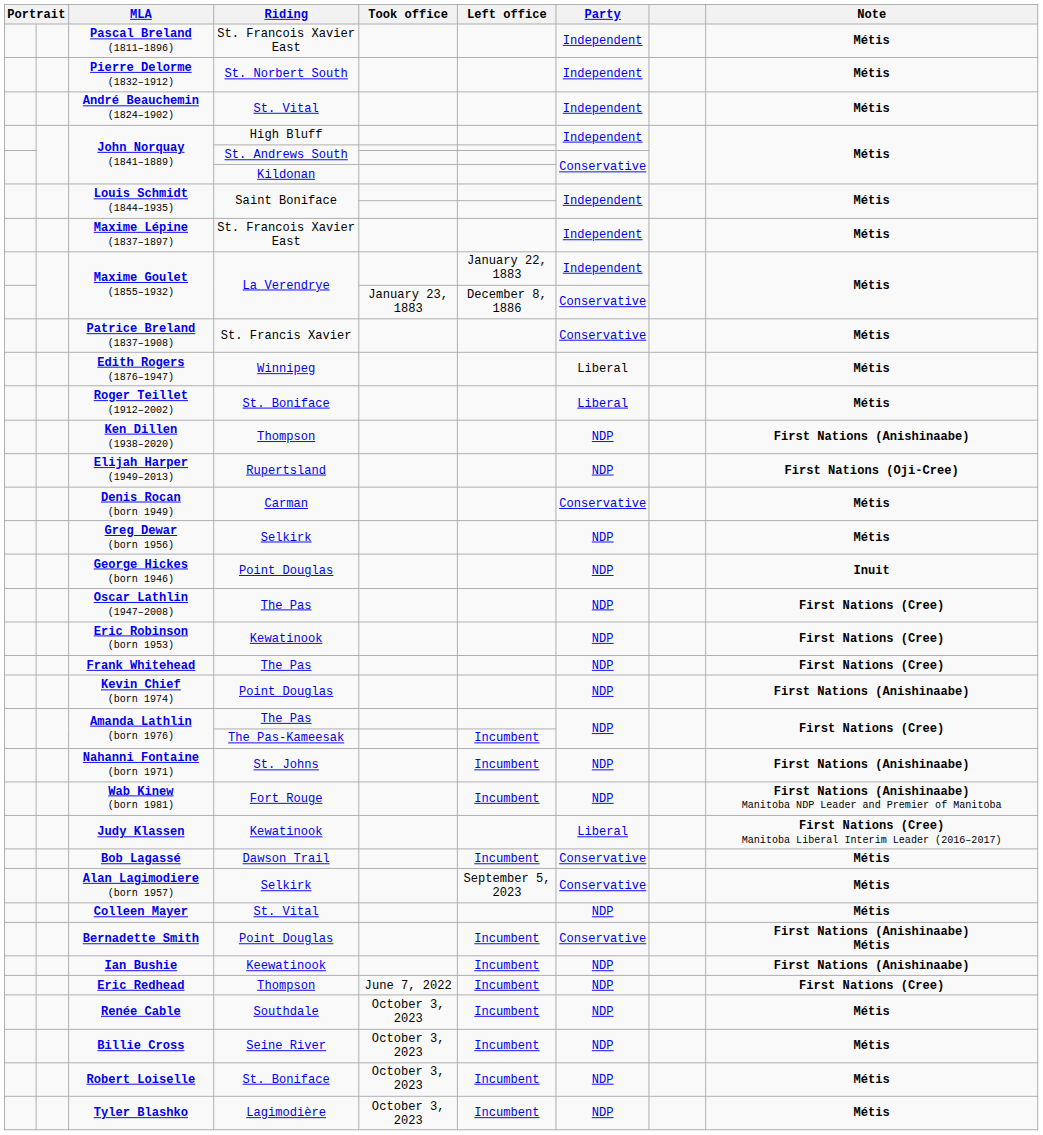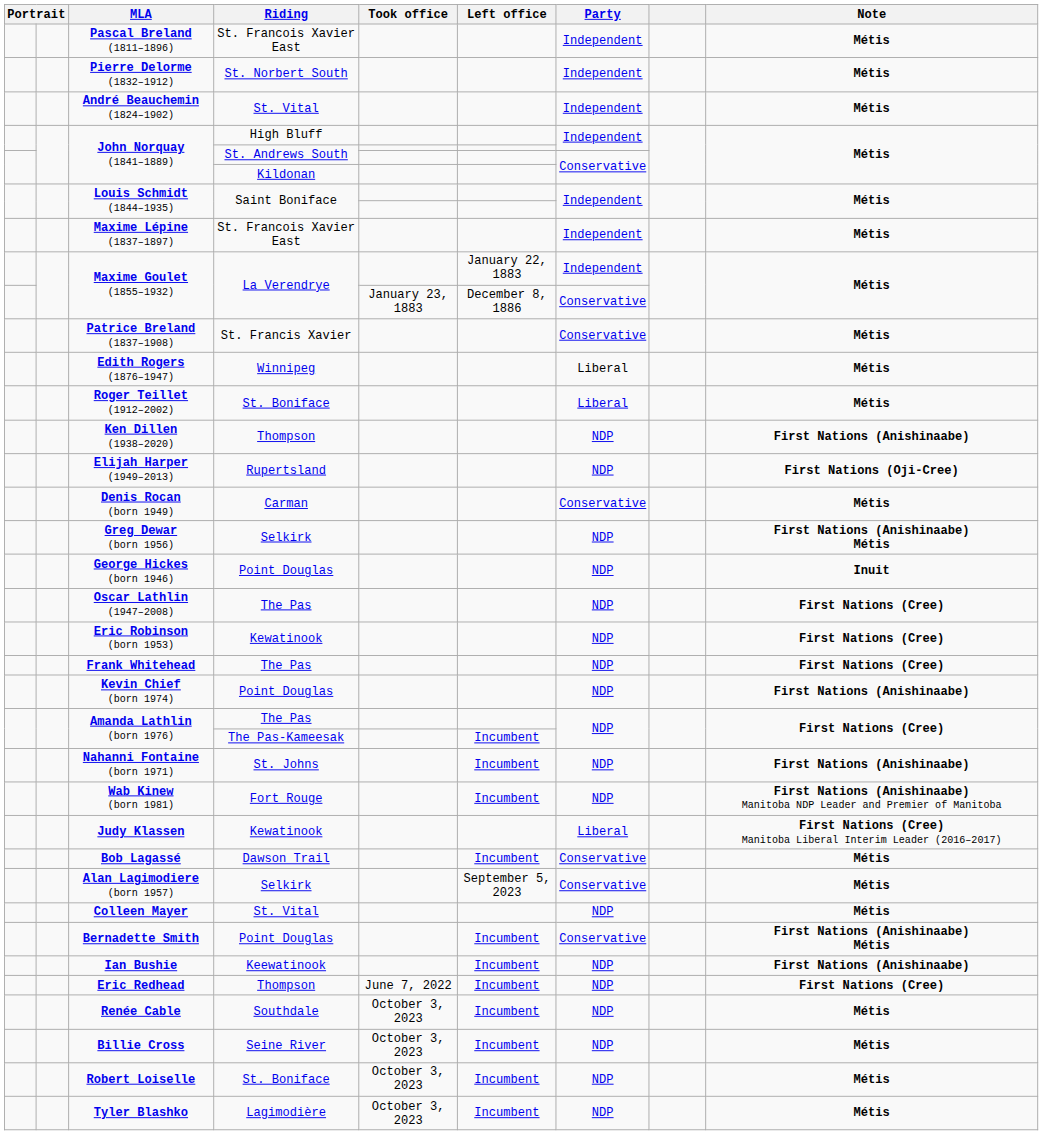 <table class="wikitable sortable plainrowheaders" style="text-align: center;">
 <tr>
 <th colspan="2" class=unsortable>Portrait</th>
 <th class="unsortable" style="width:150px;"><a href='#'>MLA</a></th>
 <th scope="col" style="width:150px;"><a href='#'>Riding</a></th>
 <th scope="col" style="width:100px;">Took office</th>
 <th scope="col" style="width:100px;">Left office</th>
 <th scope="col" style="width:70px;"><a href='#'>Party</a></th>
 <th scope="col" class="unsortable" style="width:55px;"></th>
 <th scope="col" class="unsortable" style="width:350px;">Note</th>
 </tr>
 <tr>
 <td rowspan="1" style="background:"></td>
 <td></td>
 <td><strong><a href='#'>Pascal Breland</a></strong><br><small>(1811–1896)</small></td>
 <td>St. Francois Xavier East</td>
 <td></td>
 <td></td>
 <td><a href='#'>Independent</a></td>
 <td></td>
 <td><strong>Métis</strong></td>
 </tr>
 <tr>
 <td rowspan="1" style="background:"></td>
 <td></td>
 <td><strong><a href='#'>Pierre Delorme</a></strong><br><small>(1832–1912)</small></td>
 <td><a href='#'>St. Norbert South</a></td>
 <td></td>
 <td></td>
 <td><a href='#'>Independent</a></td>
 <td></td>
 <td><strong>Métis</strong></td>
 </tr>
 <tr>
 <td rowspan="1" style="background:"></td>
 <td></td>
 <td><strong><a href='#'>André Beauchemin</a></strong><br><small>(1824–1902)</small></td>
 <td><a href='#'>St. Vital</a></td>
 <td></td>
 <td></td>
 <td><a href='#'>Independent</a></td>
 <td></td>
 <td><strong>Métis</strong></td>
 </tr>
 <tr>
 <td rowspan="2" style="background:"></td>
 <td rowspan="4"></td>
 <td rowspan="4"><strong><a href='#'>John Norquay</a></strong><br><small>(1841–1889)</small></td>
 <td>High Bluff</td>
 <td></td>
 <td></td>
 <td rowspan="2"><a href='#'>Independent</a></td>
 <td rowspan="4"></td>
 <td rowspan="4"><strong>Métis</strong></td>
 </tr>
 <tr>
 <td rowspan="2"><a href='#'>St. Andrews South</a></td>
 <td></td>
 <td></td>
 </tr>
 <tr>
 <td rowspan="2" style="background:"></td>
 <td></td>
 <td></td>
 <td rowspan="2"><a href='#'>Conservative</a></td>
 </tr>
 <tr>
 <td><a href='#'>Kildonan</a></td>
 <td></td>
 <td></td>
 </tr>
 <tr>
 <td rowspan="2" style="background:"></td>
 <td rowspan="2"></td>
 <td rowspan="2"><strong><a href='#'>Louis Schmidt</a></strong><br><small>(1844–1935)</small></td>
 <td rowspan="2">Saint Boniface</td>
 <td></td>
 <td></td>
 <td rowspan="2"><a href='#'>Independent</a></td>
 <td rowspan="2"></td>
 <td rowspan="2"><strong>Métis</strong></td>
 </tr>
 <tr>
 <td></td>
 <td></td>
 </tr>
 <tr>
 <td rowspan="1" style="background:"></td>
 <td></td>
 <td><strong><a href='#'>Maxime Lépine</a></strong><br><small>(1837–1897)</small></td>
 <td>St. Francois Xavier East</td>
 <td></td>
 <td></td>
 <td><a href='#'>Independent</a></td>
 <td></td>
 <td><strong>Métis</strong></td>
 </tr>
 <tr>
 <td rowspan="1" style="background:"></td>
 <td rowspan="2"></td>
 <td rowspan="2"><strong><a href='#'>Maxime Goulet</a></strong><br><small>(1855–1932)</small></td>
 <td rowspan="2"><a href='#'>La Verendrye</a></td>
 <td></td>
 <td>January 22, 1883</td>
 <td><a href='#'>Independent</a></td>
 <td rowspan="2"></td>
 <td rowspan="2"><strong>Métis</strong></td>
 </tr>
 <tr>
 <td rowspan="1" style="background:"></td>
 <td>January 23, 1883</td>
 <td>December 8, 1886</td>
 <td><a href='#'>Conservative</a></td>
 </tr>
 <tr>
 <td rowspan="1" style="background:"></td>
 <td></td>
 <td><strong><a href='#'>Patrice Breland</a></strong><br><small>(1837–1908)</small></td>
 <td>St. Francis Xavier</td>
 <td></td>
 <td></td>
 <td><a href='#'>Conservative</a></td>
 <td></td>
 <td><strong>Métis</strong></td>
 </tr>
 <tr>
 <td rowspan="1" style="background:"></td>
 <td></td>
 <td><strong><a href='#'>Edith Rogers</a></strong><br><small>(1876–1947)</small></td>
 <td><a href='#'>Winnipeg</a></td>
 <td></td>
 <td></td>
 <td>Liberal</td>
 <td></td>
 <td><strong>Métis</strong></td>
 </tr>
 <tr>
 <td rowspan="1" style="background:"></td>
 <td></td>
 <td><strong><a href='#'>Roger Teillet</a></strong><br><small>(1912–2002)</small></td>
 <td><a href='#'>St. Boniface</a></td>
 <td></td>
 <td></td>
 <td><a href='#'>Liberal</a></td>
 <td></td>
 <td><strong>Métis</strong></td>
 </tr>
 <tr>
 <td rowspan="1" style="background:"></td>
 <td></td>
 <td><strong><a href='#'>Ken Dillen</a></strong><br><small>(1938–2020)</small></td>
 <td><a href='#'>Thompson</a></td>
 <td></td>
 <td></td>
 <td><a href='#'>NDP</a></td>
 <td></td>
 <td><strong>First Nations (Anishinaabe)</strong></td>
 </tr>
 <tr>
 <td rowspan="1" style="background:"></td>
 <td></td>
 <td><strong><a href='#'>Elijah Harper</a></strong><br><small>(1949–2013)</small></td>
 <td><a href='#'>Rupertsland</a></td>
 <td></td>
 <td></td>
 <td><a href='#'>NDP</a></td>
 <td></td>
 <td><strong>First Nations (Oji-Cree)</strong></td>
 </tr>
 <tr>
 <td rowspan="1" style="background:"></td>
 <td></td>
 <td><strong><a href='#'>Denis Rocan</a></strong><br><small>(born 1949)</small></td>
 <td><a href='#'>Carman</a></td>
 <td></td>
 <td></td>
 <td><a href='#'>Conservative</a></td>
 <td></td>
 <td><strong>Métis</strong></td>
 </tr>
 <tr>
 <td rowspan="1" style="background:"></td>
 <td></td>
 <td><strong><a href='#'>Greg Dewar</a></strong><br><small>(born 1956)</small></td>
 <td><a href='#'>Selkirk</a></td>
 <td></td>
 <td></td>
 <td><a href='#'>NDP</a></td>
 <td></td>
-<td><strong>Métis</strong></td>
+<td><strong>First Nations (Anishinaabe)</strong><br><strong>Métis</strong></td>
 </tr>
 <tr>
 <td rowspan="1" style="background:"></td>
 <td></td>
 <td><strong><a href='#'>George Hickes</a></strong><br><small>(born 1946)</small></td>
 <td><a href='#'>Point Douglas</a></td>
 <td></td>
 <td></td>
 <td><a href='#'>NDP</a></td>
 <td></td>
 <td><strong>Inuit</strong></td>
 </tr>
 <tr>
 <td rowspan="1" style="background:"></td>
 <td></td>
 <td><strong><a href='#'>Oscar Lathlin</a></strong><br><small>(1947–2008)</small></td>
 <td><a href='#'>The Pas</a></td>
 <td></td>
 <td></td>
 <td><a href='#'>NDP</a></td>
 <td></td>
 <td><strong>First Nations (Cree)</strong></td>
 </tr>
 <tr>
 <td rowspan="1" style="background:"></td>
 <td></td>
 <td><strong><a href='#'>Eric Robinson</a></strong><br><small>(born 1953)</small></td>
 <td><a href='#'>Kewatinook</a></td>
 <td></td>
 <td></td>
 <td><a href='#'>NDP</a></td>
 <td></td>
 <td><strong>First Nations (Cree)</strong></td>
 </tr>
 <tr>
 <td rowspan="1" style="background:"></td>
 <td></td>
 <td><strong><a href='#'>Frank Whitehead</a></strong></td>
 <td><a href='#'>The Pas</a></td>
 <td></td>
 <td></td>
 <td><a href='#'>NDP</a></td>
 <td></td>
 <td><strong>First Nations (Cree)</strong></td>
 </tr>
 <tr>
 <td rowspan="1" style="background:"></td>
 <td></td>
 <td><strong><a href='#'>Kevin Chief</a></strong><br><small>(born 1974)</small></td>
 <td><a href='#'>Point Douglas</a></td>
 <td></td>
 <td></td>
 <td><a href='#'>NDP</a></td>
 <td></td>
 <td><strong>First Nations (Anishinaabe)</strong></td>
 </tr>
 <tr>
 <td rowspan="2" style="background:"></td>
 <td rowspan="2"></td>
 <td rowspan="2"><strong><a href='#'>Amanda Lathlin</a></strong><br><small>(born 1976)</small></td>
 <td><a href='#'>The Pas</a></td>
 <td></td>
 <td></td>
 <td rowspan="2"><a href='#'>NDP</a></td>
 <td rowspan="2"></td>
 <td rowspan="2"><strong>First Nations (Cree)</strong></td>
 </tr>
 <tr>
 <td><a href='#'>The Pas-Kameesak</a></td>
 <td></td>
 <td><a href='#'>Incumbent</a></td>
 </tr>
 <tr>
 <td rowspan="1" style="background:"></td>
 <td></td>
 <td><strong><a href='#'>Nahanni Fontaine</a></strong><br><small>(born 1971)</small></td>
 <td><a href='#'>St. Johns</a></td>
 <td></td>
 <td><a href='#'>Incumbent</a></td>
 <td><a href='#'>NDP</a></td>
 <td></td>
 <td><strong>First Nations (Anishinaabe)</strong></td>
 </tr>
 <tr>
 <td rowspan="1" style="background:"></td>
 <td></td>
 <td><strong><a href='#'>Wab Kinew</a></strong><br><small>(born 1981)</small></td>
 <td><a href='#'>Fort Rouge</a></td>
 <td></td>
 <td><a href='#'>Incumbent</a></td>
 <td><a href='#'>NDP</a></td>
 <td></td>
 <td><strong>First Nations (Anishinaabe)</strong><br><small>Manitoba NDP Leader and Premier of Manitoba</small></td>
 </tr>
 <tr>
 <td rowspan="1" style="background:"></td>
 <td></td>
 <td><strong><a href='#'>Judy Klassen</a></strong></td>
 <td><a href='#'>Kewatinook</a></td>
 <td></td>
 <td></td>
 <td><a href='#'>Liberal</a></td>
 <td></td>
 <td><strong>First Nations (Cree)</strong><br><small>Manitoba Liberal Interim Leader (2016–2017)</small></td>
 </tr>
 <tr>
 <td rowspan="1" style="background:"></td>
 <td></td>
 <td><strong><a href='#'>Bob Lagassé</a></strong></td>
 <td><a href='#'>Dawson Trail</a></td>
 <td></td>
 <td><a href='#'>Incumbent</a></td>
 <td><a href='#'>Conservative</a></td>
 <td></td>
 <td><strong>Métis</strong></td>
 </tr>
 <tr>
 <td rowspan="1" style="background:"></td>
 <td></td>
 <td><strong><a href='#'>Alan Lagimodiere</a></strong><br><small>(born 1957)</small></td>
 <td><a href='#'>Selkirk</a></td>
 <td></td>
 <td>September 5, 2023</td>
 <td><a href='#'>Conservative</a></td>
 <td></td>
 <td><strong>Métis</strong></td>
 </tr>
 <tr>
 <td rowspan="1" style="background:"></td>
 <td></td>
 <td><strong><a href='#'>Colleen Mayer</a></strong></td>
 <td><a href='#'>St. Vital</a></td>
 <td></td>
 <td></td>
 <td><a href='#'>NDP</a></td>
 <td></td>
 <td><strong>Métis</strong></td>
 </tr>
 <tr>
 <td rowspan="1" style="background:"></td>
 <td></td>
 <td><strong><a href='#'>Bernadette Smith</a></strong></td>
 <td><a href='#'>Point Douglas</a></td>
 <td></td>
 <td><a href='#'>Incumbent</a></td>
 <td><a href='#'>Conservative</a></td>
 <td></td>
 <td><strong>First Nations (Anishinaabe)</strong><br><strong>Métis</strong></td>
 </tr>
 <tr>
 <td rowspan="1" style="background:"></td>
 <td></td>
 <td><strong><a href='#'>Ian Bushie</a></strong></td>
 <td><a href='#'>Keewatinook</a></td>
 <td></td>
 <td><a href='#'>Incumbent</a></td>
 <td><a href='#'>NDP</a></td>
 <td></td>
 <td><strong>First Nations (Anishinaabe)</strong></td>
 </tr>
 <tr>
 <td rowspan="1" style="background:"></td>
 <td></td>
 <td><strong><a href='#'>Eric Redhead</a></strong></td>
 <td><a href='#'>Thompson</a></td>
 <td>June 7, 2022</td>
 <td><a href='#'>Incumbent</a></td>
 <td><a href='#'>NDP</a></td>
 <td></td>
 <td><strong>First Nations (Cree)</strong></td>
 </tr>
 <tr>
 <td rowspan="1" style="background:"></td>
 <td></td>
 <td><strong><a href='#'>Renée Cable</a></strong></td>
 <td><a href='#'>Southdale</a></td>
 <td>October 3, 2023</td>
 <td><a href='#'>Incumbent</a></td>
 <td><a href='#'>NDP</a></td>
 <td></td>
 <td><strong>Métis</strong></td>
 </tr>
 <tr>
 <td rowspan="1" style="background:"></td>
 <td></td>
 <td><strong><a href='#'>Billie Cross</a></strong></td>
 <td><a href='#'>Seine River</a></td>
 <td>October 3, 2023</td>
 <td><a href='#'>Incumbent</a></td>
 <td><a href='#'>NDP</a></td>
 <td></td>
 <td><strong>Métis</strong></td>
 </tr>
 <tr>
 <td rowspan="1" style="background:"></td>
 <td></td>
 <td><strong><a href='#'>Robert Loiselle</a></strong></td>
 <td><a href='#'>St. Boniface</a></td>
 <td>October 3, 2023</td>
 <td><a href='#'>Incumbent</a></td>
 <td><a href='#'>NDP</a></td>
 <td></td>
 <td><strong>Métis</strong></td>
 </tr>
 <tr>
 <td rowspan="1" style="background:"></td>
 <td></td>
 <td><strong><a href='#'>Tyler Blashko</a></strong></td>
 <td><a href='#'>Lagimodière</a></td>
 <td>October 3, 2023</td>
 <td><a href='#'>Incumbent</a></td>
 <td><a href='#'>NDP</a></td>
 <td></td>
 <td><strong>Métis</strong></td>
 </tr>
 </table>
